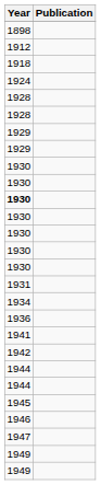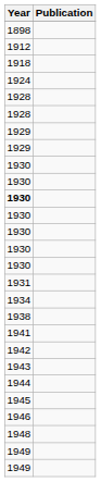 <table class="wikitable sortable">
 <tr>
 <th>Year</th>
 <th>Publication</th>
 </tr>
 <tr>
 </tr>
 <tr>
 <td>1898</td>
 <td></td>
 </tr>
 <tr>
 <td>1912</td>
 <td></td>
 </tr>
 <tr>
 <td>1918</td>
 <td></td>
 </tr>
 <tr>
 <td>1924</td>
 <td></td>
 </tr>
 <tr>
 <td>1928</td>
 <td></td>
 </tr>
 <tr>
 <td>1928</td>
 <td></td>
 </tr>
 <tr>
 <td>1929</td>
 <td></td>
 </tr>
 <tr>
 <td>1929</td>
 <td></td>
 </tr>
 <tr>
 <td>1930</td>
 <td></td>
 </tr>
 <tr>
 <td>1930</td>
 <td></td>
 </tr>
 <tr>
 <td><strong>1930</strong></td>
 <td></td>
 </tr>
 <tr>
 <td>1930</td>
 <td></td>
 </tr>
 <tr>
 <td>1930</td>
 <td></td>
 </tr>
 <tr>
 <td>1930</td>
 <td></td>
 </tr>
 <tr>
 <td>1930</td>
 <td></td>
 </tr>
 <tr>
 <td>1931</td>
 <td></td>
 </tr>
 <tr>
 <td>1934</td>
 <td></td>
 </tr>
 <tr>
-<td>1936</td>
+<td>1938</td>
 <td></td>
 </tr>
 <tr>
 <td>1941</td>
 <td></td>
 </tr>
 <tr>
 <td>1942</td>
 <td></td>
 </tr>
 <tr>
-<td>1944</td>
+<td>1943</td>
 <td></td>
 </tr>
 <tr>
 <td>1944</td>
 <td></td>
 </tr>
 <tr>
 <td>1945</td>
 <td></td>
 </tr>
 <tr>
 <td>1946</td>
 <td></td>
 </tr>
 <tr>
-<td>1947</td>
+<td>1948</td>
 <td></td>
 </tr>
 <tr>
 <td>1949</td>
 <td></td>
 </tr>
 <tr>
 <td>1949</td>
 <td></td>
 </tr>
 </table>
